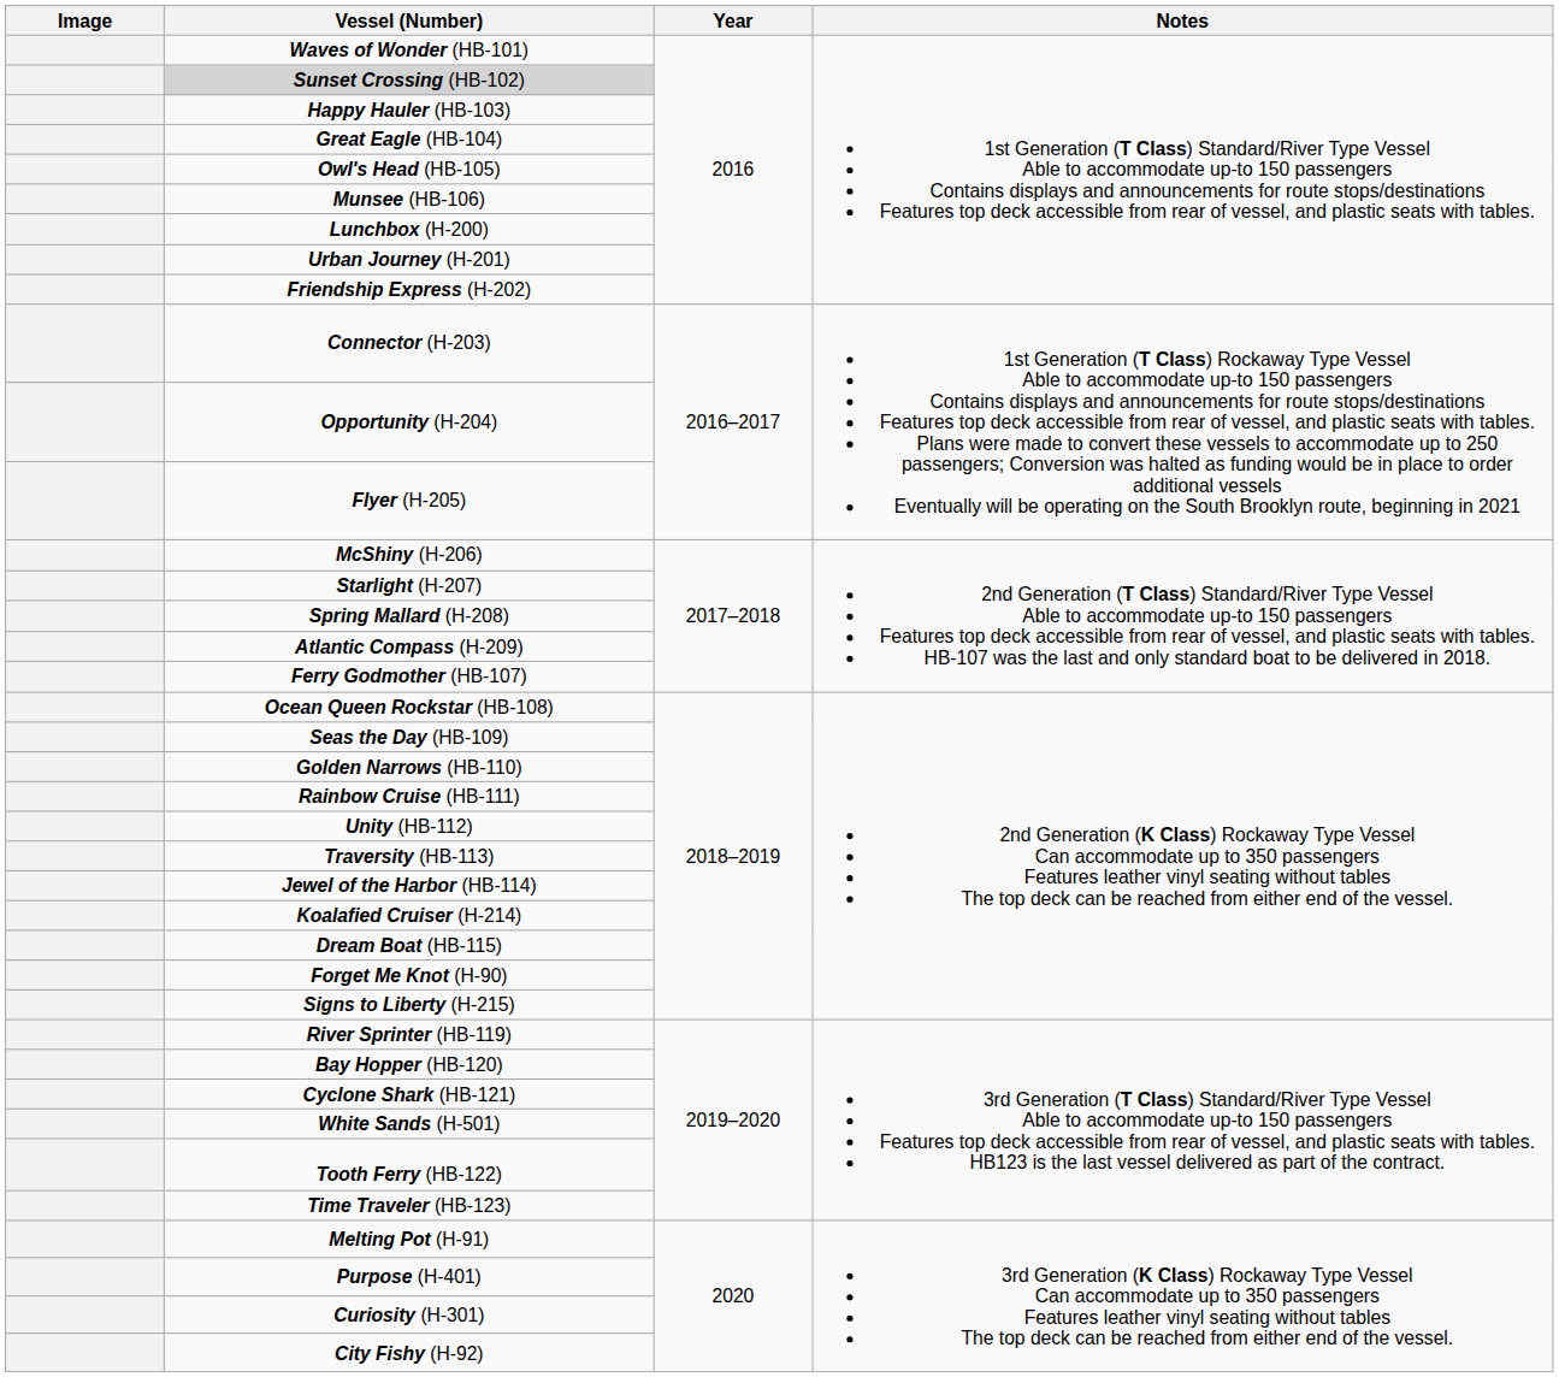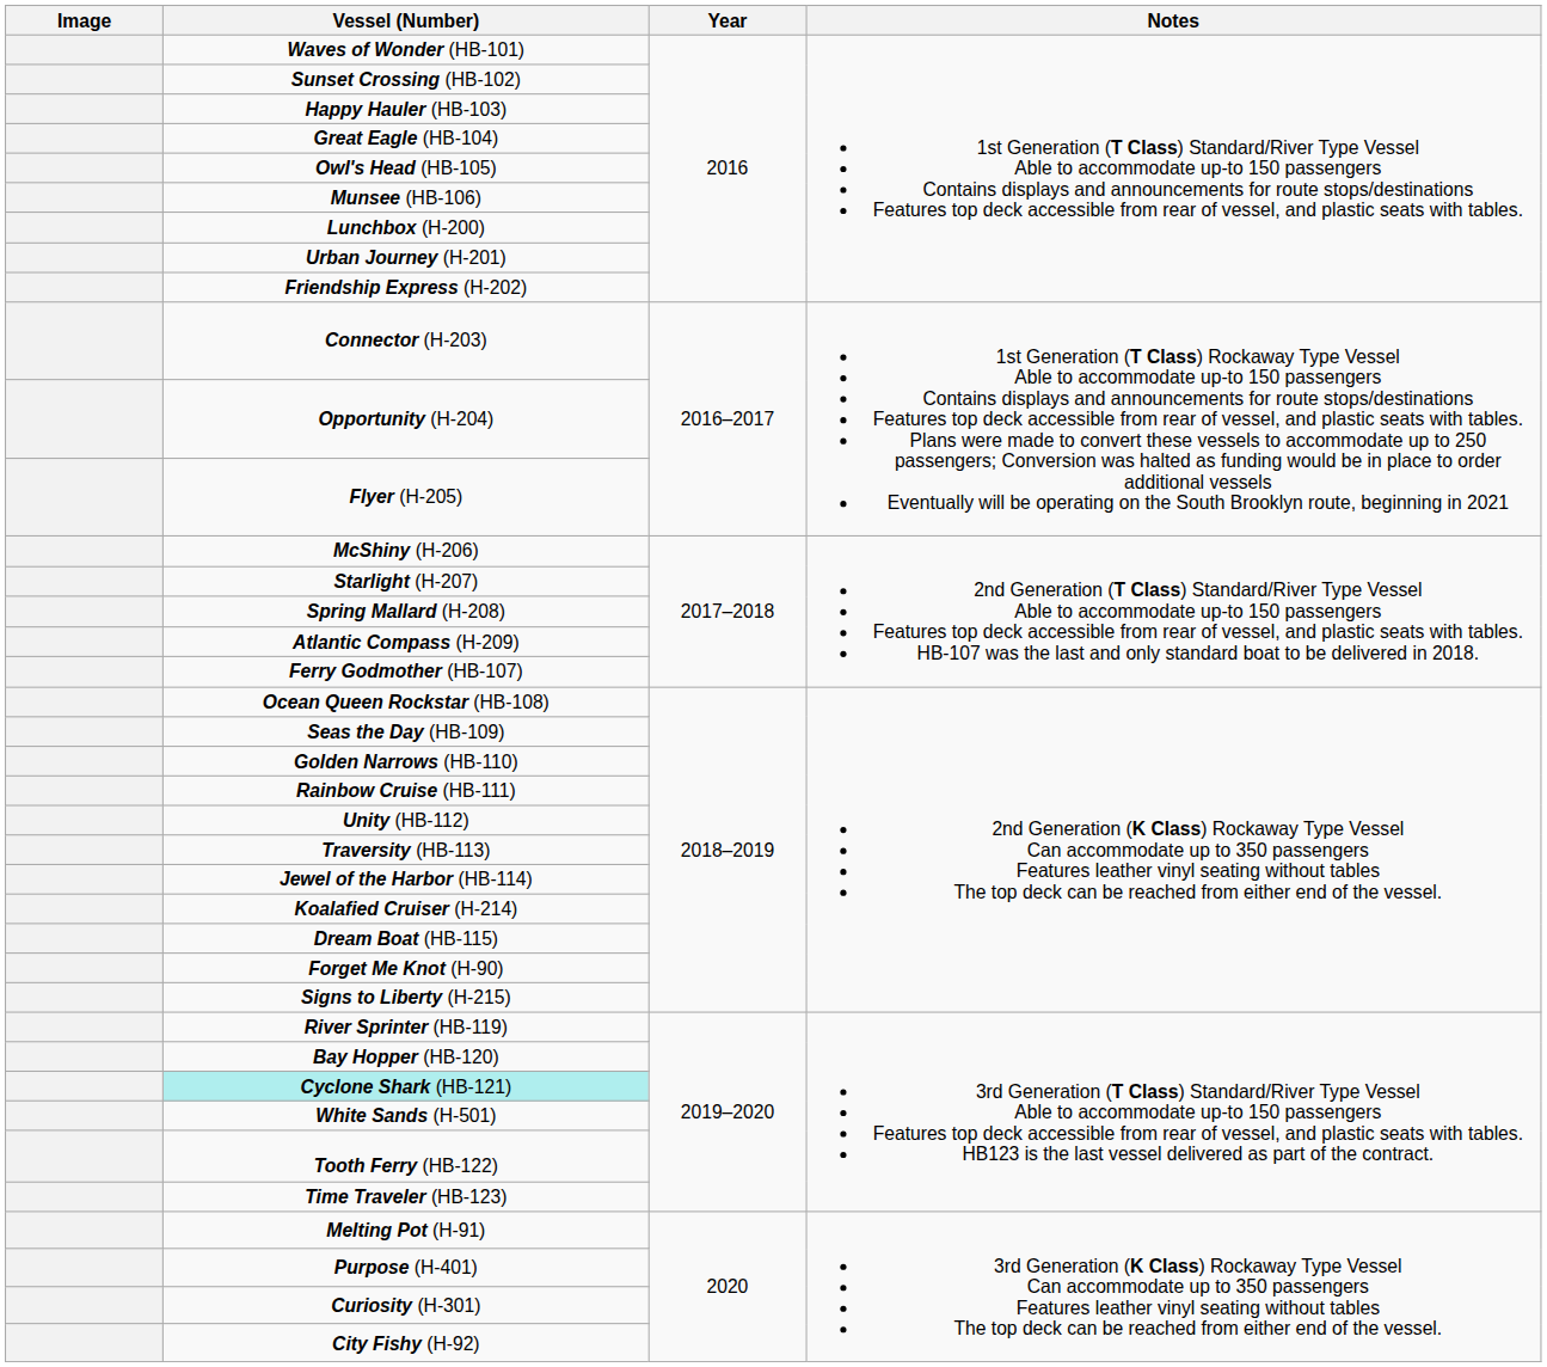 <table class="wikitable" style="font-size: 95%;" |>
 <tr>
 <th style="width:150px;">Image</th>
 <th style="width:500px;">Vessel (Number)</th>
 <th style="width:150px;">Year</th>
 <th style="width:750px;">Notes</th>
 </tr>
 <tr>
 <th></th>
 <td align="center"><strong><em>Waves of Wonder</em></strong> (HB-101)</td>
 <td rowspan="9" align="center">2016</td>
 <td rowspan="9" align="center"><br><ul><li>1st Generation (<strong>T Class</strong>) Standard/River Type Vessel</li><li>Able to accommodate up-to 150 passengers</li><li>Contains displays and announcements for route stops/destinations</li><li>Features top deck accessible from rear of vessel, and plastic seats with tables.</li></ul></td>
 </tr>
 <tr>
 <th></th>
-<td align="center" style="background: lightgrey;"><strong><em>Sunset Crossing</em></strong> (HB-102)</td>
+<td align="center"><strong><em>Sunset Crossing</em></strong> (HB-102)</td>
 </tr>
 <tr>
 <th></th>
 <td align="center"><strong><em>Happy Hauler</em></strong> (HB-103)</td>
 </tr>
 <tr>
 <th></th>
 <td align="center"><strong><em>Great Eagle</em></strong> (HB-104)</td>
 </tr>
 <tr>
 <th></th>
 <td align="center"><strong><em>Owl's Head</em></strong> (HB-105)</td>
 </tr>
 <tr>
 <th></th>
 <td align="center"><strong><em>Munsee</em></strong> (HB-106)</td>
 </tr>
 <tr>
 <th></th>
 <td align="center"><strong><em>Lunchbox</em></strong> (H-200)</td>
 </tr>
 <tr>
 <th></th>
 <td align="center"><strong><em>Urban Journey</em></strong> (H-201)</td>
 </tr>
 <tr>
 <th></th>
 <td align="center"><strong><em>Friendship Express</em></strong> (H-202)</td>
 </tr>
 <tr>
 <th></th>
 <td align="center"><strong><em>Connector</em></strong> (H-203)</td>
 <td rowspan="3" align="center">2016–2017</td>
 <td rowspan="3" align="center"><br><ul><li>1st Generation (<strong>T Class</strong>) Rockaway Type Vessel</li><li>Able to accommodate up-to 150 passengers</li><li>Contains displays and announcements for route stops/destinations</li><li>Features top deck accessible from rear of vessel, and plastic seats with tables.</li><li>Plans were made to convert these vessels to accommodate up to 250 passengers; Conversion was halted as funding would be in place to order additional vessels</li><li>Eventually will be operating on the South Brooklyn route, beginning in 2021</li></ul></td>
 </tr>
 <tr>
 <th></th>
 <td align="center"><strong><em>Opportunity</em></strong> (H-204)</td>
 </tr>
 <tr>
 <th></th>
 <td align="center"><strong><em>Flyer</em></strong> (H-205)</td>
 </tr>
 <tr>
 <th></th>
 <td align="center"><strong><em>McShiny</em></strong> (H-206)</td>
 <td rowspan="5" align="center">2017–2018</td>
 <td rowspan="5" align="center"><br><ul><li>2nd Generation (<strong>T Class</strong>) Standard/River Type Vessel</li><li>Able to accommodate up-to 150 passengers</li><li>Features top deck accessible from rear of vessel, and plastic seats with tables.</li><li>HB-107 was the last and only standard boat to be delivered in 2018.</li></ul></td>
 </tr>
 <tr>
 <th></th>
 <td align="center"><strong><em>Starlight</em></strong> (H-207)</td>
 </tr>
 <tr>
 <th></th>
 <td align="center"><strong><em>Spring Mallard</em></strong> (H-208)</td>
 </tr>
 <tr>
 <th></th>
 <td align="center"><strong><em>Atlantic Compass</em></strong> (H-209)</td>
 </tr>
 <tr>
 <th></th>
 <td align="center"><strong><em>Ferry Godmother</em></strong> (HB-107)</td>
 </tr>
 <tr>
 <th></th>
 <td align="center"><strong><em>Ocean Queen Rockstar</em></strong> (HB-108)</td>
 <td rowspan="11" align="center">2018–2019</td>
 <td rowspan="11" align="center"><br><ul><li>2nd Generation (<strong>K Class</strong>) Rockaway Type Vessel</li><li>Can accommodate up to 350 passengers</li><li>Features leather vinyl seating without tables</li><li>The top deck can be reached from either end of the vessel.</li></ul></td>
 </tr>
 <tr>
 <th></th>
 <td align="center"><strong><em>Seas the Day</em></strong> (HB-109)</td>
 </tr>
 <tr>
 <th></th>
 <td align="center"><strong><em>Golden Narrows</em></strong> (HB-110)</td>
 </tr>
 <tr>
 <th></th>
 <td align="center"><strong><em>Rainbow Cruise</em></strong> (HB-111)</td>
 </tr>
 <tr>
 <th></th>
 <td align="center"><strong><em>Unity</em></strong> (HB-112)</td>
 </tr>
 <tr>
 <th></th>
 <td align="center"><strong><em>Traversity</em></strong> (HB-113)</td>
 </tr>
 <tr>
 <th></th>
 <td align="center"><strong><em>Jewel of the Harbor</em></strong> (HB-114)</td>
 </tr>
 <tr>
 <th></th>
 <td align="center"><strong><em>Koalafied Cruiser</em></strong> (H-214)</td>
 </tr>
 <tr>
 <th></th>
 <td align="center"><strong><em>Dream Boat</em></strong> (HB-115)</td>
 </tr>
 <tr>
 <th></th>
 <td align="center"><strong><em>Forget Me Knot</em></strong> (H-90)</td>
 </tr>
 <tr>
 <th></th>
 <td align="center"><strong><em>Signs to Liberty</em></strong> (H-215)</td>
 </tr>
 <tr>
 <th></th>
 <td align="center"><strong><em>River Sprinter</em></strong> (HB-119)</td>
 <td rowspan="6" align="center">2019–2020</td>
 <td rowspan="6" align="center"><br><ul><li>3rd Generation (<strong>T Class</strong>) Standard/River Type Vessel</li><li>Able to accommodate up-to 150 passengers</li><li>Features top deck accessible from rear of vessel, and plastic seats with tables.</li><li>HB123 is the last vessel delivered as part of the contract.</li></ul></td>
 </tr>
 <tr>
 <th></th>
 <td align="center"><strong><em>Bay Hopper</em></strong> (HB-120)</td>
 </tr>
 <tr>
 <th></th>
-<td align="center"><strong><em>Cyclone Shark</em></strong> (HB-121)</td>
+<td align="center" style="background: paleturquoise;"><strong><em>Cyclone Shark</em></strong> (HB-121)</td>
 </tr>
 <tr>
 <th></th>
 <td align="center"><strong><em>White Sands</em></strong> (H-501)</td>
 </tr>
 <tr>
 <th></th>
 <td align="center"><br><strong><em>Tooth Ferry</em></strong> (HB-122)</td>
 </tr>
 <tr>
 <th></th>
 <td align="center"><strong><em>Time Traveler</em></strong> (HB-123)</td>
 </tr>
 <tr>
 <th></th>
 <td align="center"><strong><em>Melting Pot</em></strong> (H-91)</td>
 <td rowspan="4" align="center">2020</td>
 <td rowspan="4" align="center"><br><ul><li>3rd Generation (<strong>K Class</strong>) Rockaway Type Vessel</li><li>Can accommodate up to 350 passengers</li><li>Features leather vinyl seating without tables</li><li>The top deck can be reached from either end of the vessel.</li></ul></td>
 </tr>
 <tr>
 <th></th>
 <td align="center"><strong><em>Purpose</em></strong> (H-401)</td>
 </tr>
 <tr>
 <th></th>
 <td align="center"><strong><em>Curiosity</em></strong> (H-301)</td>
 </tr>
 <tr>
 <th></th>
 <td align="center"><strong><em>City Fishy</em></strong> (H-92)</td>
 </tr>
 </table>
